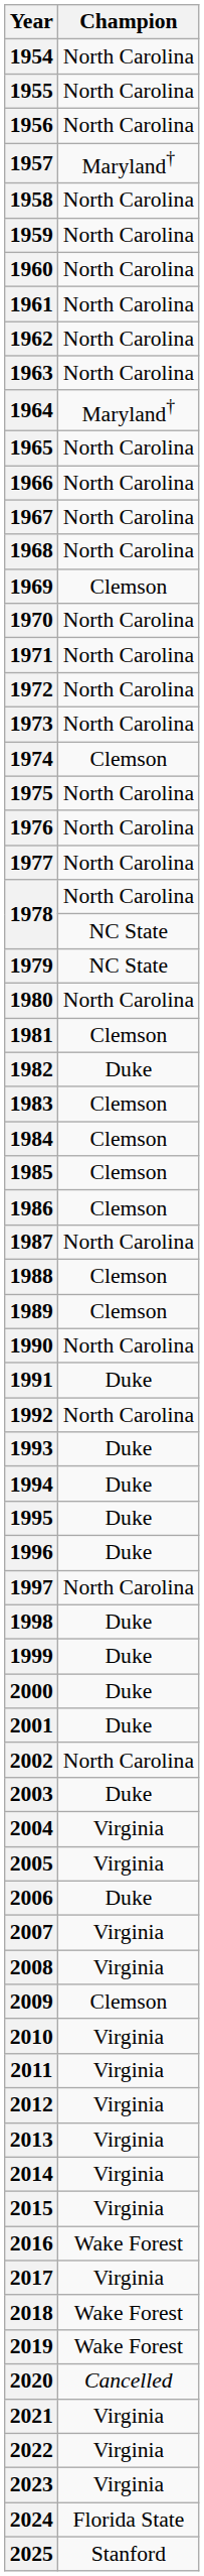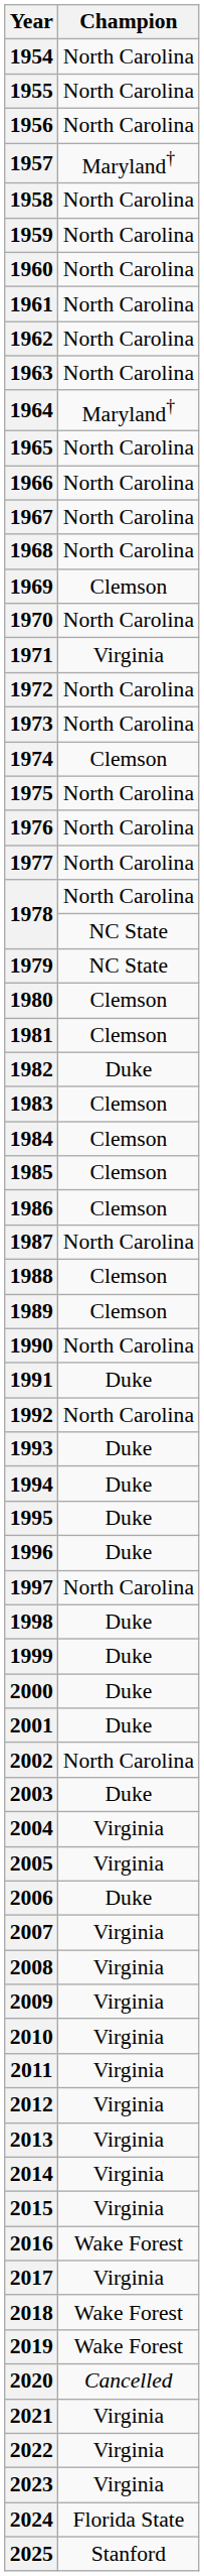 <table class="wikitable" style="text-align: center;">
 <tr>
 <th>Year</th>
 <th>Champion</th>
 </tr>
 <tr>
 <th>1954</th>
 <td>North Carolina</td>
 </tr>
 <tr>
 <th>1955</th>
 <td>North Carolina</td>
 </tr>
 <tr>
 <th>1956</th>
 <td>North Carolina</td>
 </tr>
 <tr>
 <th>1957</th>
 <td>Maryland<sup>†</sup></td>
 </tr>
 <tr>
 <th>1958</th>
 <td>North Carolina</td>
 </tr>
 <tr>
 <th>1959</th>
 <td>North Carolina</td>
 </tr>
 <tr>
 <th>1960</th>
 <td>North Carolina</td>
 </tr>
 <tr>
 <th>1961</th>
 <td>North Carolina</td>
 </tr>
 <tr>
 <th>1962</th>
 <td>North Carolina</td>
 </tr>
 <tr>
 <th>1963</th>
 <td>North Carolina</td>
 </tr>
 <tr>
 <th>1964</th>
 <td>Maryland<sup>†</sup></td>
 </tr>
 <tr>
 <th>1965</th>
 <td>North Carolina</td>
 </tr>
 <tr>
 <th>1966</th>
 <td>North Carolina</td>
 </tr>
 <tr>
 <th>1967</th>
 <td>North Carolina</td>
 </tr>
 <tr>
 <th>1968</th>
 <td>North Carolina</td>
 </tr>
 <tr>
 <th>1969</th>
 <td>Clemson</td>
 </tr>
 <tr>
 <th>1970</th>
 <td>North Carolina</td>
 </tr>
 <tr>
 <th>1971</th>
-<td>North Carolina</td>
+<td>Virginia</td>
 </tr>
 <tr>
 <th>1972</th>
 <td>North Carolina</td>
 </tr>
 <tr>
 <th>1973</th>
 <td>North Carolina</td>
 </tr>
 <tr>
 <th>1974</th>
 <td>Clemson</td>
 </tr>
 <tr>
 <th>1975</th>
 <td>North Carolina</td>
 </tr>
 <tr>
 <th>1976</th>
 <td>North Carolina</td>
 </tr>
 <tr>
 <th>1977</th>
 <td>North Carolina</td>
 </tr>
 <tr>
 <th rowspan="2">1978</th>
 <td>North Carolina</td>
 </tr>
 <tr>
 <td>NC State</td>
 </tr>
 <tr>
 <th>1979</th>
 <td>NC State</td>
 </tr>
 <tr>
 <th>1980</th>
-<td>North Carolina</td>
+<td>Clemson</td>
 </tr>
 <tr>
 <th>1981</th>
 <td>Clemson</td>
 </tr>
 <tr>
 <th>1982</th>
 <td>Duke</td>
 </tr>
 <tr>
 <th>1983</th>
 <td>Clemson</td>
 </tr>
 <tr>
 <th>1984</th>
 <td>Clemson</td>
 </tr>
 <tr>
 <th>1985</th>
 <td>Clemson</td>
 </tr>
 <tr>
 <th>1986</th>
 <td>Clemson</td>
 </tr>
 <tr>
 <th>1987</th>
 <td>North Carolina</td>
 </tr>
 <tr>
 <th>1988</th>
 <td>Clemson</td>
 </tr>
 <tr>
 <th>1989</th>
 <td>Clemson</td>
 </tr>
 <tr>
 <th>1990</th>
 <td>North Carolina</td>
 </tr>
 <tr>
 <th>1991</th>
 <td>Duke</td>
 </tr>
 <tr>
 <th>1992</th>
 <td>North Carolina</td>
 </tr>
 <tr>
 <th>1993</th>
 <td>Duke</td>
 </tr>
 <tr>
 <th>1994</th>
 <td>Duke</td>
 </tr>
 <tr>
 <th>1995</th>
 <td>Duke</td>
 </tr>
 <tr>
 <th>1996</th>
 <td>Duke</td>
 </tr>
 <tr>
 <th>1997</th>
 <td>North Carolina</td>
 </tr>
 <tr>
 <th>1998</th>
 <td>Duke</td>
 </tr>
 <tr>
 <th>1999</th>
 <td>Duke</td>
 </tr>
 <tr>
 <th>2000</th>
 <td>Duke</td>
 </tr>
 <tr>
 <th>2001</th>
 <td>Duke</td>
 </tr>
 <tr>
 <th>2002</th>
 <td>North Carolina</td>
 </tr>
 <tr>
 <th>2003</th>
 <td>Duke</td>
 </tr>
 <tr>
 <th>2004</th>
 <td>Virginia</td>
 </tr>
 <tr>
 <th>2005</th>
 <td>Virginia</td>
 </tr>
 <tr>
 <th>2006</th>
 <td>Duke</td>
 </tr>
 <tr>
 <th>2007</th>
 <td>Virginia</td>
 </tr>
 <tr>
 <th>2008</th>
 <td>Virginia</td>
 </tr>
 <tr>
 <th>2009</th>
-<td>Clemson</td>
+<td>Virginia</td>
 </tr>
 <tr>
 <th>2010</th>
 <td>Virginia</td>
 </tr>
 <tr>
 <th>2011</th>
 <td>Virginia</td>
 </tr>
 <tr>
 <th>2012</th>
 <td>Virginia</td>
 </tr>
 <tr>
 <th>2013</th>
 <td>Virginia</td>
 </tr>
 <tr>
 <th>2014</th>
 <td>Virginia</td>
 </tr>
 <tr>
 <th>2015</th>
 <td>Virginia</td>
 </tr>
 <tr>
 <th>2016</th>
 <td>Wake Forest</td>
 </tr>
 <tr>
 <th>2017</th>
 <td>Virginia</td>
 </tr>
 <tr>
 <th>2018</th>
 <td>Wake Forest</td>
 </tr>
 <tr>
 <th>2019</th>
 <td>Wake Forest</td>
 </tr>
 <tr>
 <th>2020</th>
 <td><em>Cancelled</em></td>
 </tr>
 <tr>
 <th>2021</th>
 <td>Virginia</td>
 </tr>
 <tr>
 <th>2022</th>
 <td>Virginia</td>
 </tr>
 <tr>
 <th>2023</th>
 <td>Virginia</td>
 </tr>
 <tr>
 <th>2024</th>
 <td>Florida State</td>
 </tr>
 <tr>
 <th>2025</th>
 <td>Stanford</td>
 </tr>
 </table>
